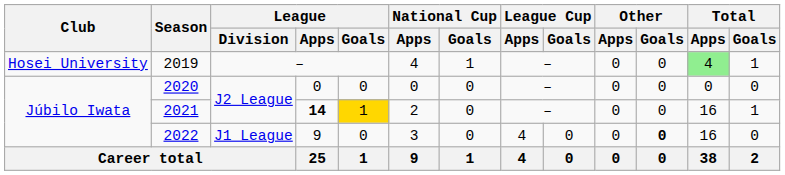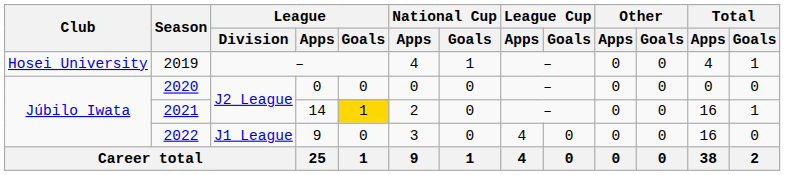 <table class="wikitable" style="text-align: center">
 <tr>
 <th rowspan="2">Club</th>
 <th rowspan="2">Season</th>
 <th colspan="3">League</th>
 <th colspan="2">National Cup</th>
 <th colspan="2">League Cup</th>
 <th colspan="2">Other</th>
 <th colspan="2">Total</th>
 </tr>
 <tr>
 <th>Division</th>
 <th>Apps</th>
 <th>Goals</th>
 <th>Apps</th>
 <th>Goals</th>
 <th>Apps</th>
 <th>Goals</th>
 <th>Apps</th>
 <th>Goals</th>
 <th>Apps</th>
 <th>Goals</th>
 </tr>
 <tr>
 <td><a href='#'>Hosei University</a></td>
 <td>2019</td>
 <td colspan="3">–</td>
 <td>4</td>
 <td>1</td>
 <td colspan="2">–</td>
 <td>0</td>
 <td>0</td>
-<td style="background: lightgreen;">4</td>
+<td>4</td>
 <td>1</td>
 </tr>
 <tr>
 <td rowspan="3"><a href='#'>Júbilo Iwata</a></td>
 <td><a href='#'>2020</a></td>
 <td rowspan="2"><a href='#'>J2 League</a></td>
 <td>0</td>
 <td>0</td>
 <td>0</td>
 <td>0</td>
 <td colspan="2">–</td>
 <td>0</td>
 <td>0</td>
 <td>0</td>
 <td>0</td>
 </tr>
 <tr>
 <td><a href='#'>2021</a></td>
-<td><strong>14</strong></td>
+<td>14</td>
 <td style="background: gold;">1</td>
 <td>2</td>
 <td>0</td>
 <td colspan="2">–</td>
 <td>0</td>
 <td>0</td>
 <td>16</td>
 <td>1</td>
 </tr>
 <tr>
 <td><a href='#'>2022</a></td>
 <td><a href='#'>J1 League</a></td>
 <td>9</td>
 <td>0</td>
 <td>3</td>
 <td>0</td>
 <td>4</td>
 <td>0</td>
 <td>0</td>
-<td><strong>0</strong></td>
+<td>0</td>
 <td>16</td>
 <td>0</td>
 </tr>
 <tr>
 <th colspan="3">Career total</th>
 <th>25</th>
 <th>1</th>
 <th>9</th>
 <th>1</th>
 <th>4</th>
 <th>0</th>
 <th>0</th>
 <th>0</th>
 <th>38</th>
 <th>2</th>
 </tr>
 </table>
